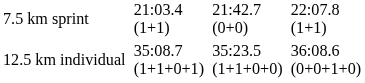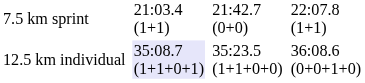 <table>
 <tr>
 <td>7.5 km sprint</td>
 <td></td>
 <td>21:03.4<br>(1+1)</td>
 <td></td>
 <td>21:42.7<br>(0+0)</td>
 <td></td>
 <td>22:07.8<br>(1+1)</td>
 </tr>
 <tr>
 <td>12.5 km individual</td>
 <td></td>
-<td>35:08.7<br>(1+1+0+1)</td>
+<td style="background: lavender;">35:08.7<br>(1+1+0+1)</td>
 <td></td>
 <td>35:23.5<br>(1+1+0+0)</td>
 <td></td>
 <td>36:08.6<br>(0+0+1+0)</td>
 </tr>
 </table>
